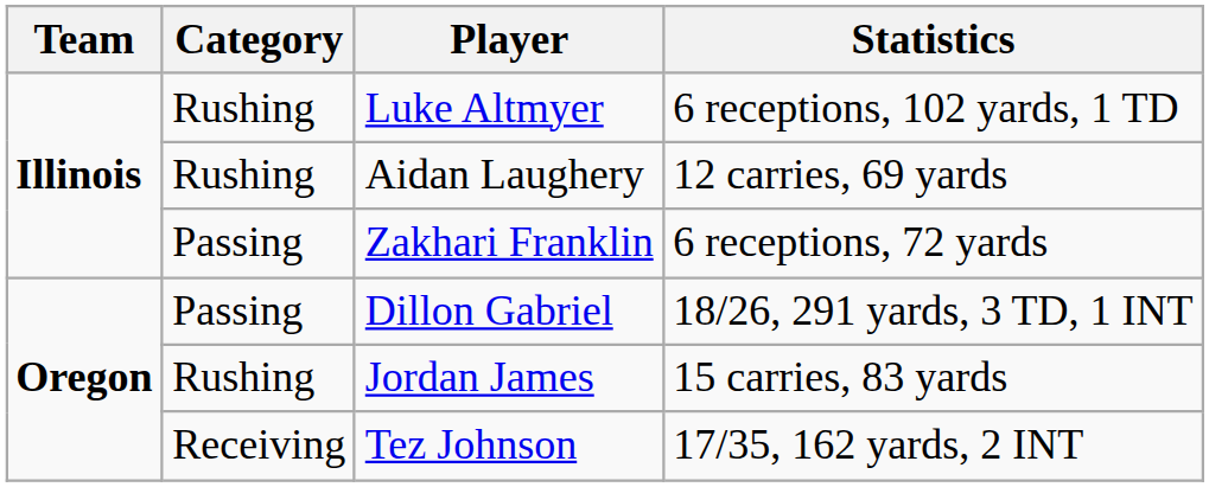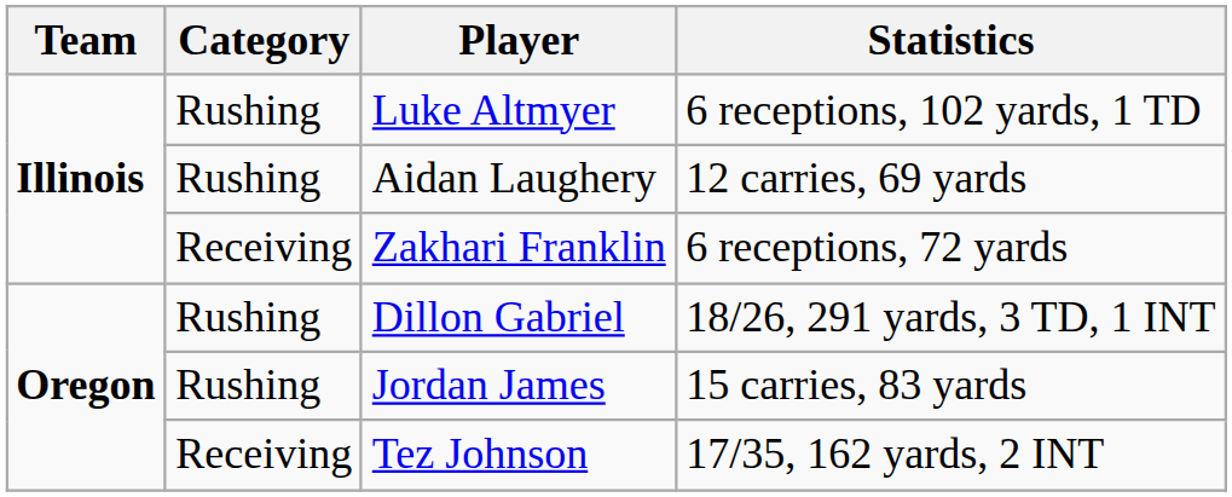 <table class="wikitable" style="float: right;">
 <tr>
 <th>Team</th>
 <th>Category</th>
 <th>Player</th>
 <th>Statistics</th>
 </tr>
 <tr>
 <td rowspan=3><strong>Illinois</strong></td>
 <td>Rushing</td>
 <td><a href='#'>Luke Altmyer</a></td>
 <td>6 receptions, 102 yards, 1 TD</td>
 </tr>
 <tr>
 <td>Rushing</td>
 <td>Aidan Laughery</td>
 <td>12 carries, 69 yards</td>
 </tr>
 <tr>
-<td>Passing</td>
+<td>Receiving</td>
 <td><a href='#'>Zakhari Franklin</a></td>
 <td>6 receptions, 72 yards</td>
 </tr>
 <tr>
 <td rowspan=3><strong>Oregon</strong></td>
-<td>Passing</td>
+<td>Rushing</td>
 <td><a href='#'>Dillon Gabriel</a></td>
 <td>18/26, 291 yards, 3 TD, 1 INT</td>
 </tr>
 <tr>
 <td>Rushing</td>
 <td><a href='#'>Jordan James</a></td>
 <td>15 carries, 83 yards</td>
 </tr>
 <tr>
 <td>Receiving</td>
 <td><a href='#'>Tez Johnson</a></td>
 <td>17/35, 162 yards, 2 INT</td>
 </tr>
 </table>
